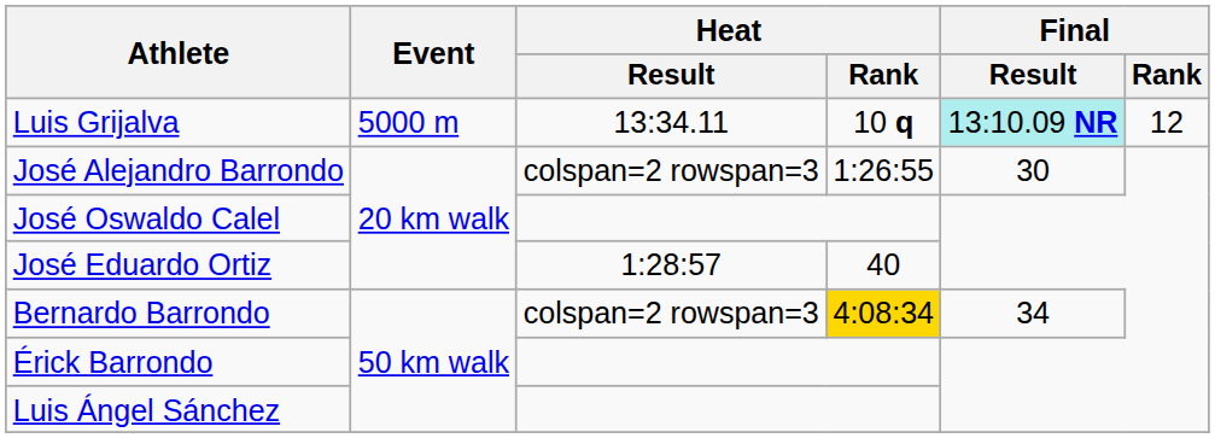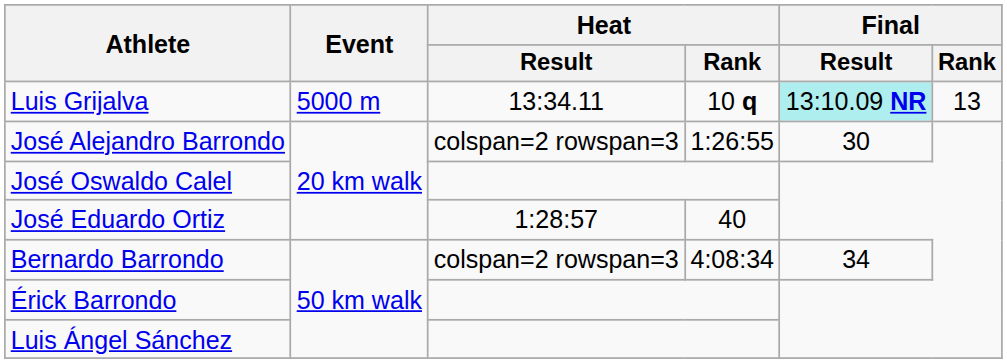 <table class="wikitable" style="font-size:90%">
 <tr>
 <th rowspan="2">Athlete</th>
 <th rowspan="2">Event</th>
 <th colspan="2">Heat</th>
 <th colspan="2">Final</th>
 </tr>
 <tr style="font-size:95%">
 <th>Result</th>
 <th>Rank</th>
 <th>Result</th>
 <th>Rank</th>
 </tr>
 <tr align=center>
 <td align=left><a href='#'>Luis Grijalva</a></td>
 <td align=left><a href='#'>5000 m</a></td>
 <td>13:34.11</td>
 <td>10 <strong>q</strong></td>
 <td style="background: paleturquoise;">13:10.09 <strong><a href='#'>NR</a></strong></td>
-<td>12</td>
+<td>13</td>
 </tr>
 <tr align=center>
 <td align=left><a href='#'>José Alejandro Barrondo</a></td>
 <td rowspan="3" align="left"><a href='#'>20 km walk</a></td>
 <td>colspan=2 rowspan=3 </td>
 <td>1:26:55</td>
 <td>30</td>
 </tr>
 <tr align=center>
 <td align=left><a href='#'>José Oswaldo Calel</a></td>
 <td colspan=2></td>
 </tr>
 <tr align=center>
 <td align=left><a href='#'>José Eduardo Ortiz</a></td>
 <td>1:28:57</td>
 <td>40</td>
 </tr>
 <tr align=center>
 <td align=left><a href='#'>Bernardo Barrondo</a></td>
 <td rowspan="3" align="left"><a href='#'>50 km walk</a></td>
 <td>colspan=2 rowspan=3 </td>
-<td style="background: gold;">4:08:34</td>
+<td>4:08:34</td>
 <td>34</td>
 </tr>
 <tr align=center>
 <td align=left><a href='#'>Érick Barrondo</a></td>
 <td colspan=2></td>
 </tr>
 <tr align=center>
 <td align=left><a href='#'>Luis Ángel Sánchez</a></td>
 <td colspan=2></td>
 </tr>
 </table>
